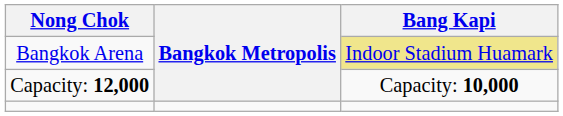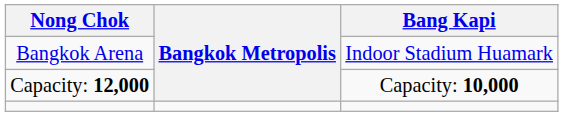 <table class="wikitable" style="text-align:center;margin:1em auto">
 <tr>
 <th><a href='#'>Nong Chok</a></th>
 <th rowspan=3><a href='#'>Bangkok Metropolis</a></th>
 <th><a href='#'>Bang Kapi</a></th>
 </tr>
 <tr>
 <td><a href='#'>Bangkok Arena</a></td>
-<td style="background: khaki;"><a href='#'>Indoor Stadium Huamark</a></td>
+<td><a href='#'>Indoor Stadium Huamark</a></td>
 </tr>
 <tr>
 <td>Capacity: <strong>12,000</strong></td>
 <td>Capacity: <strong>10,000</strong></td>
 </tr>
 <tr>
 <td></td>
 <td></td>
 <td></td>
 </tr>
 </table>
